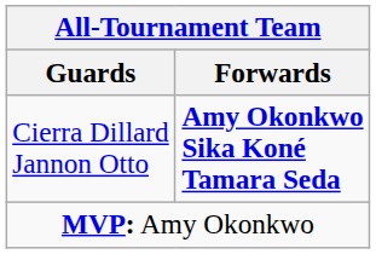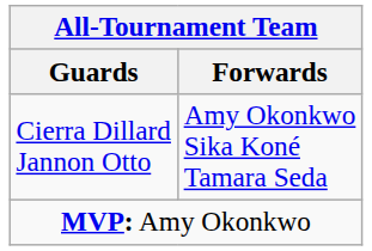 <table class=wikitable style="margin:auto">
 <tr>
 <th colspan=2 align=center><a href='#'>All-Tournament Team</a></th>
 </tr>
 <tr>
 <th>Guards</th>
 <th>Forwards</th>
 </tr>
 <tr>
 <td> <a href='#'>Cierra Dillard</a><br> <a href='#'>Jannon Otto</a></td>
-<td><strong> <a href='#'>Amy Okonkwo</a><br> <a href='#'>Sika Koné</a><br> <a href='#'>Tamara Seda</a></strong></td>
+<td> <a href='#'>Amy Okonkwo</a><br> <a href='#'>Sika Koné</a><br> <a href='#'>Tamara Seda</a></td>
 </tr>
 <tr>
 <td colspan=2 align=center><strong><a href='#'>MVP</a>:</strong>  Amy Okonkwo</td>
 </tr>
 </table>
